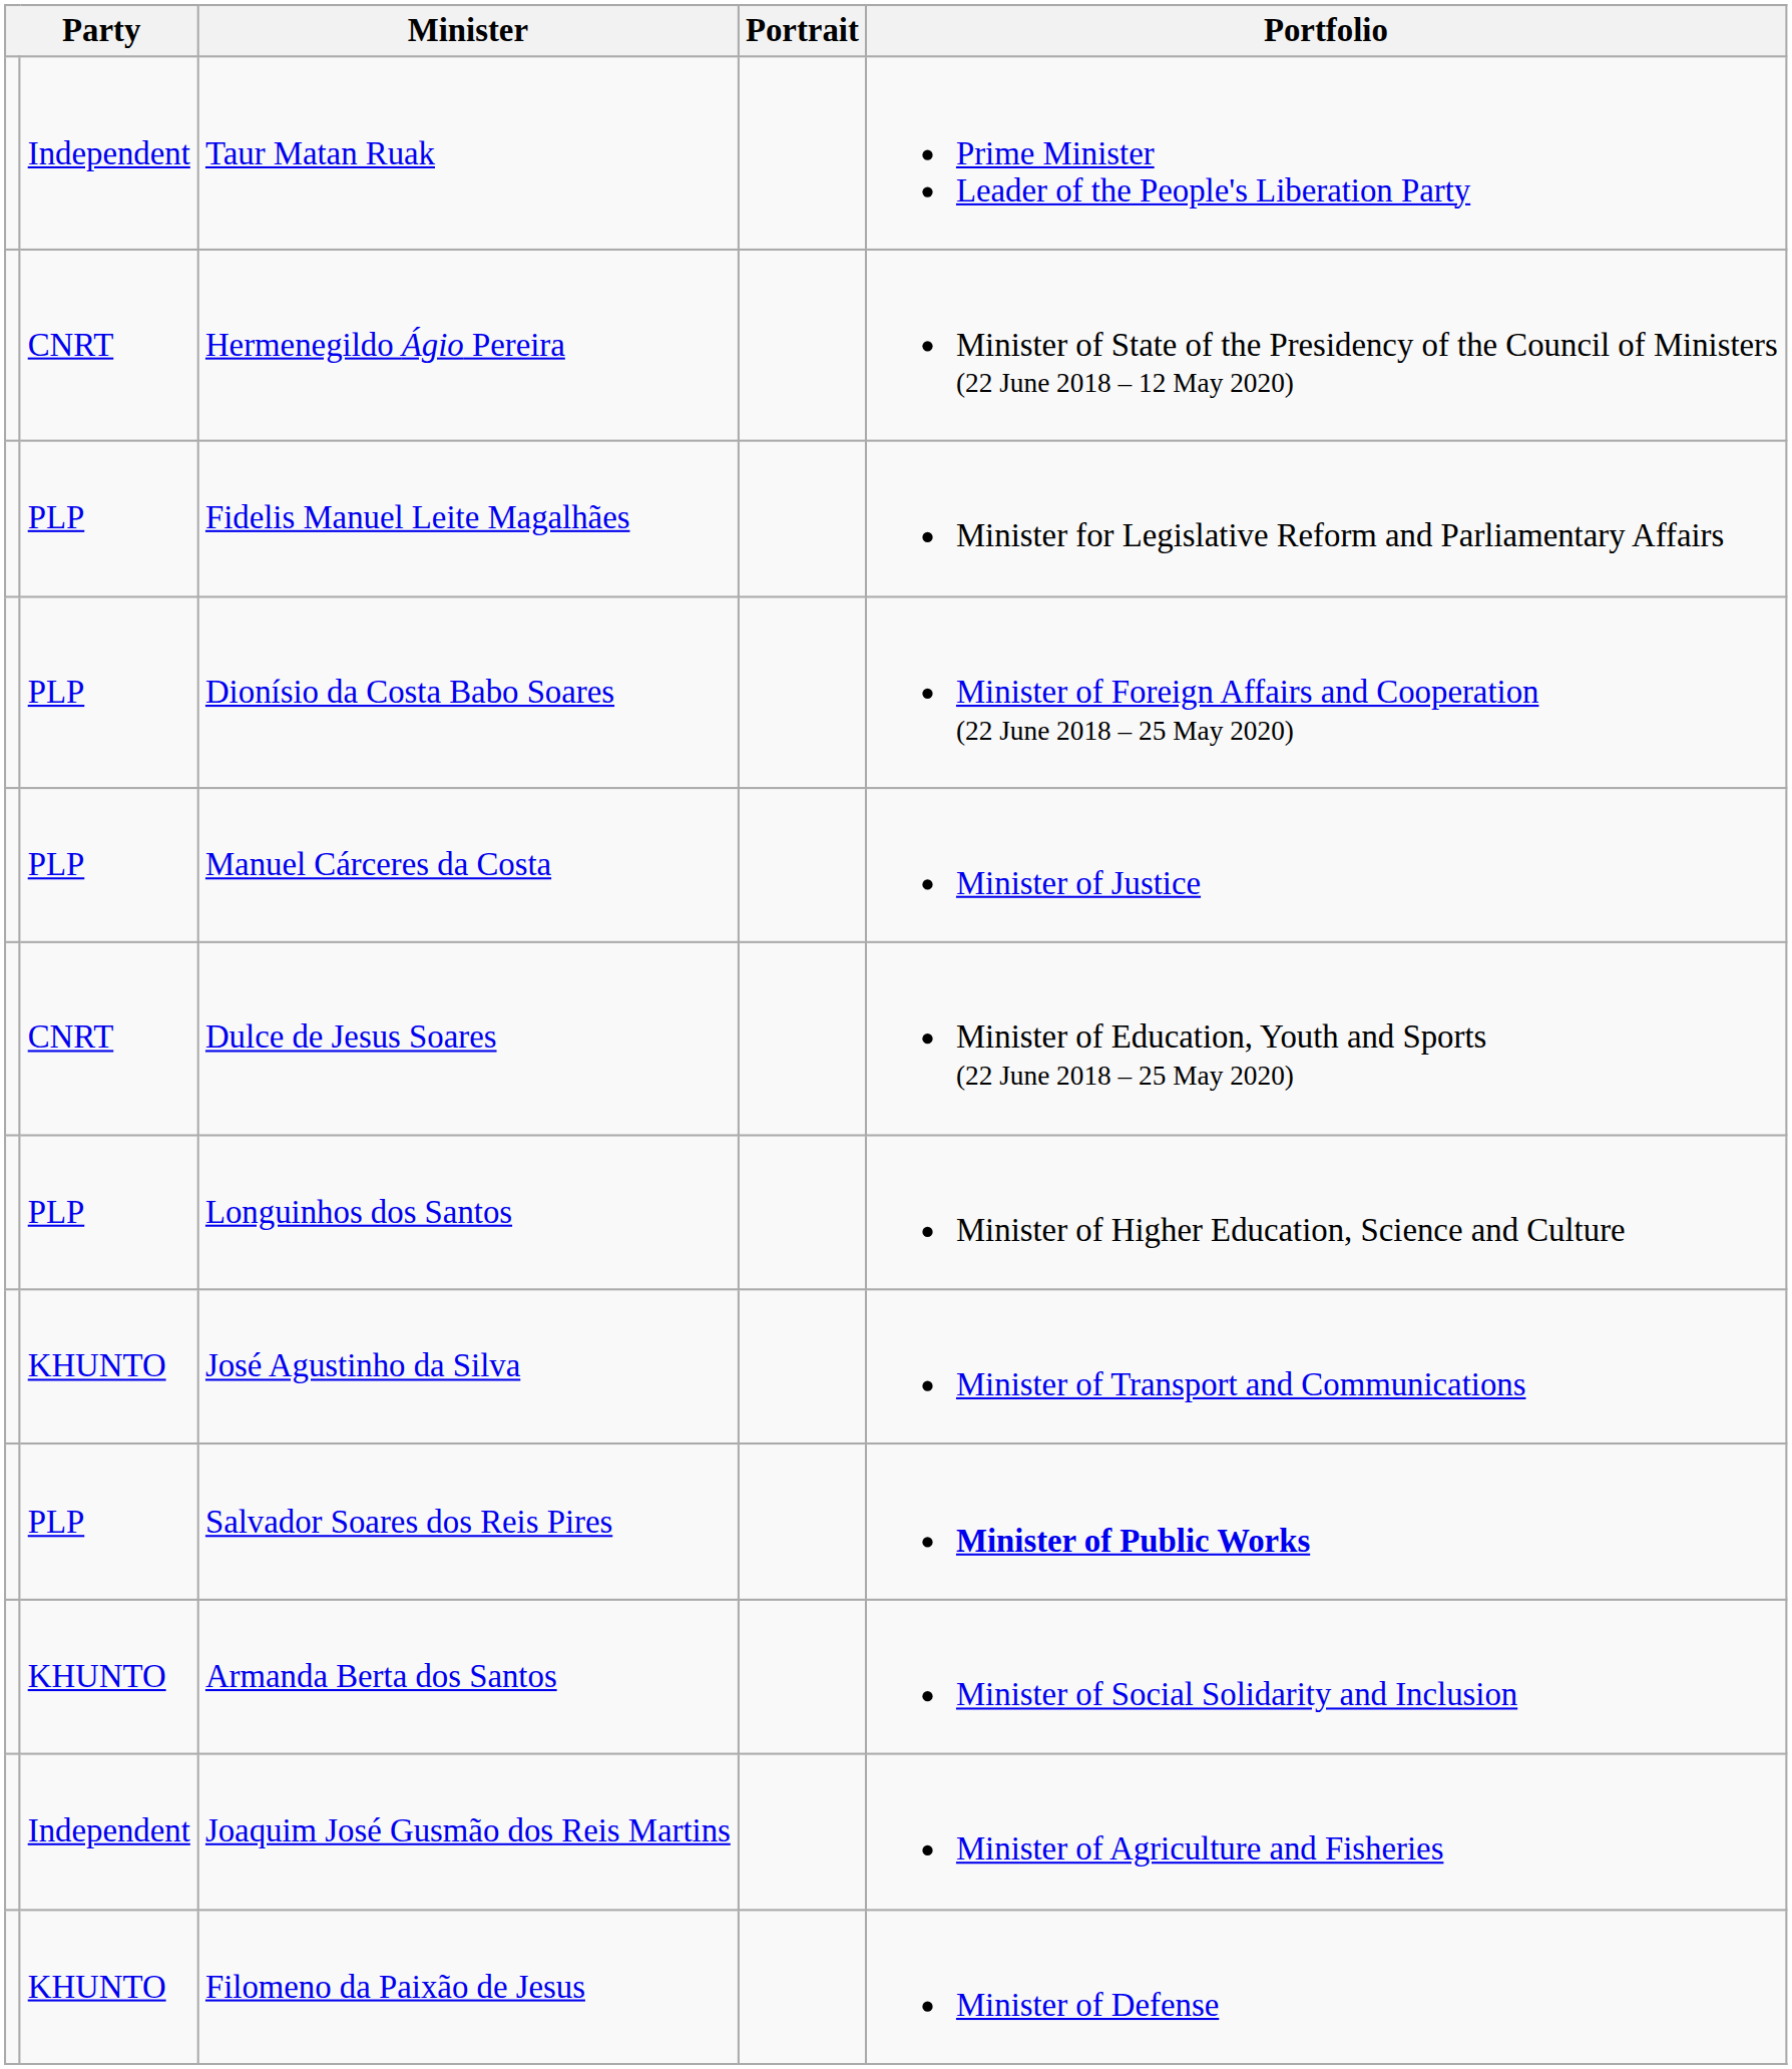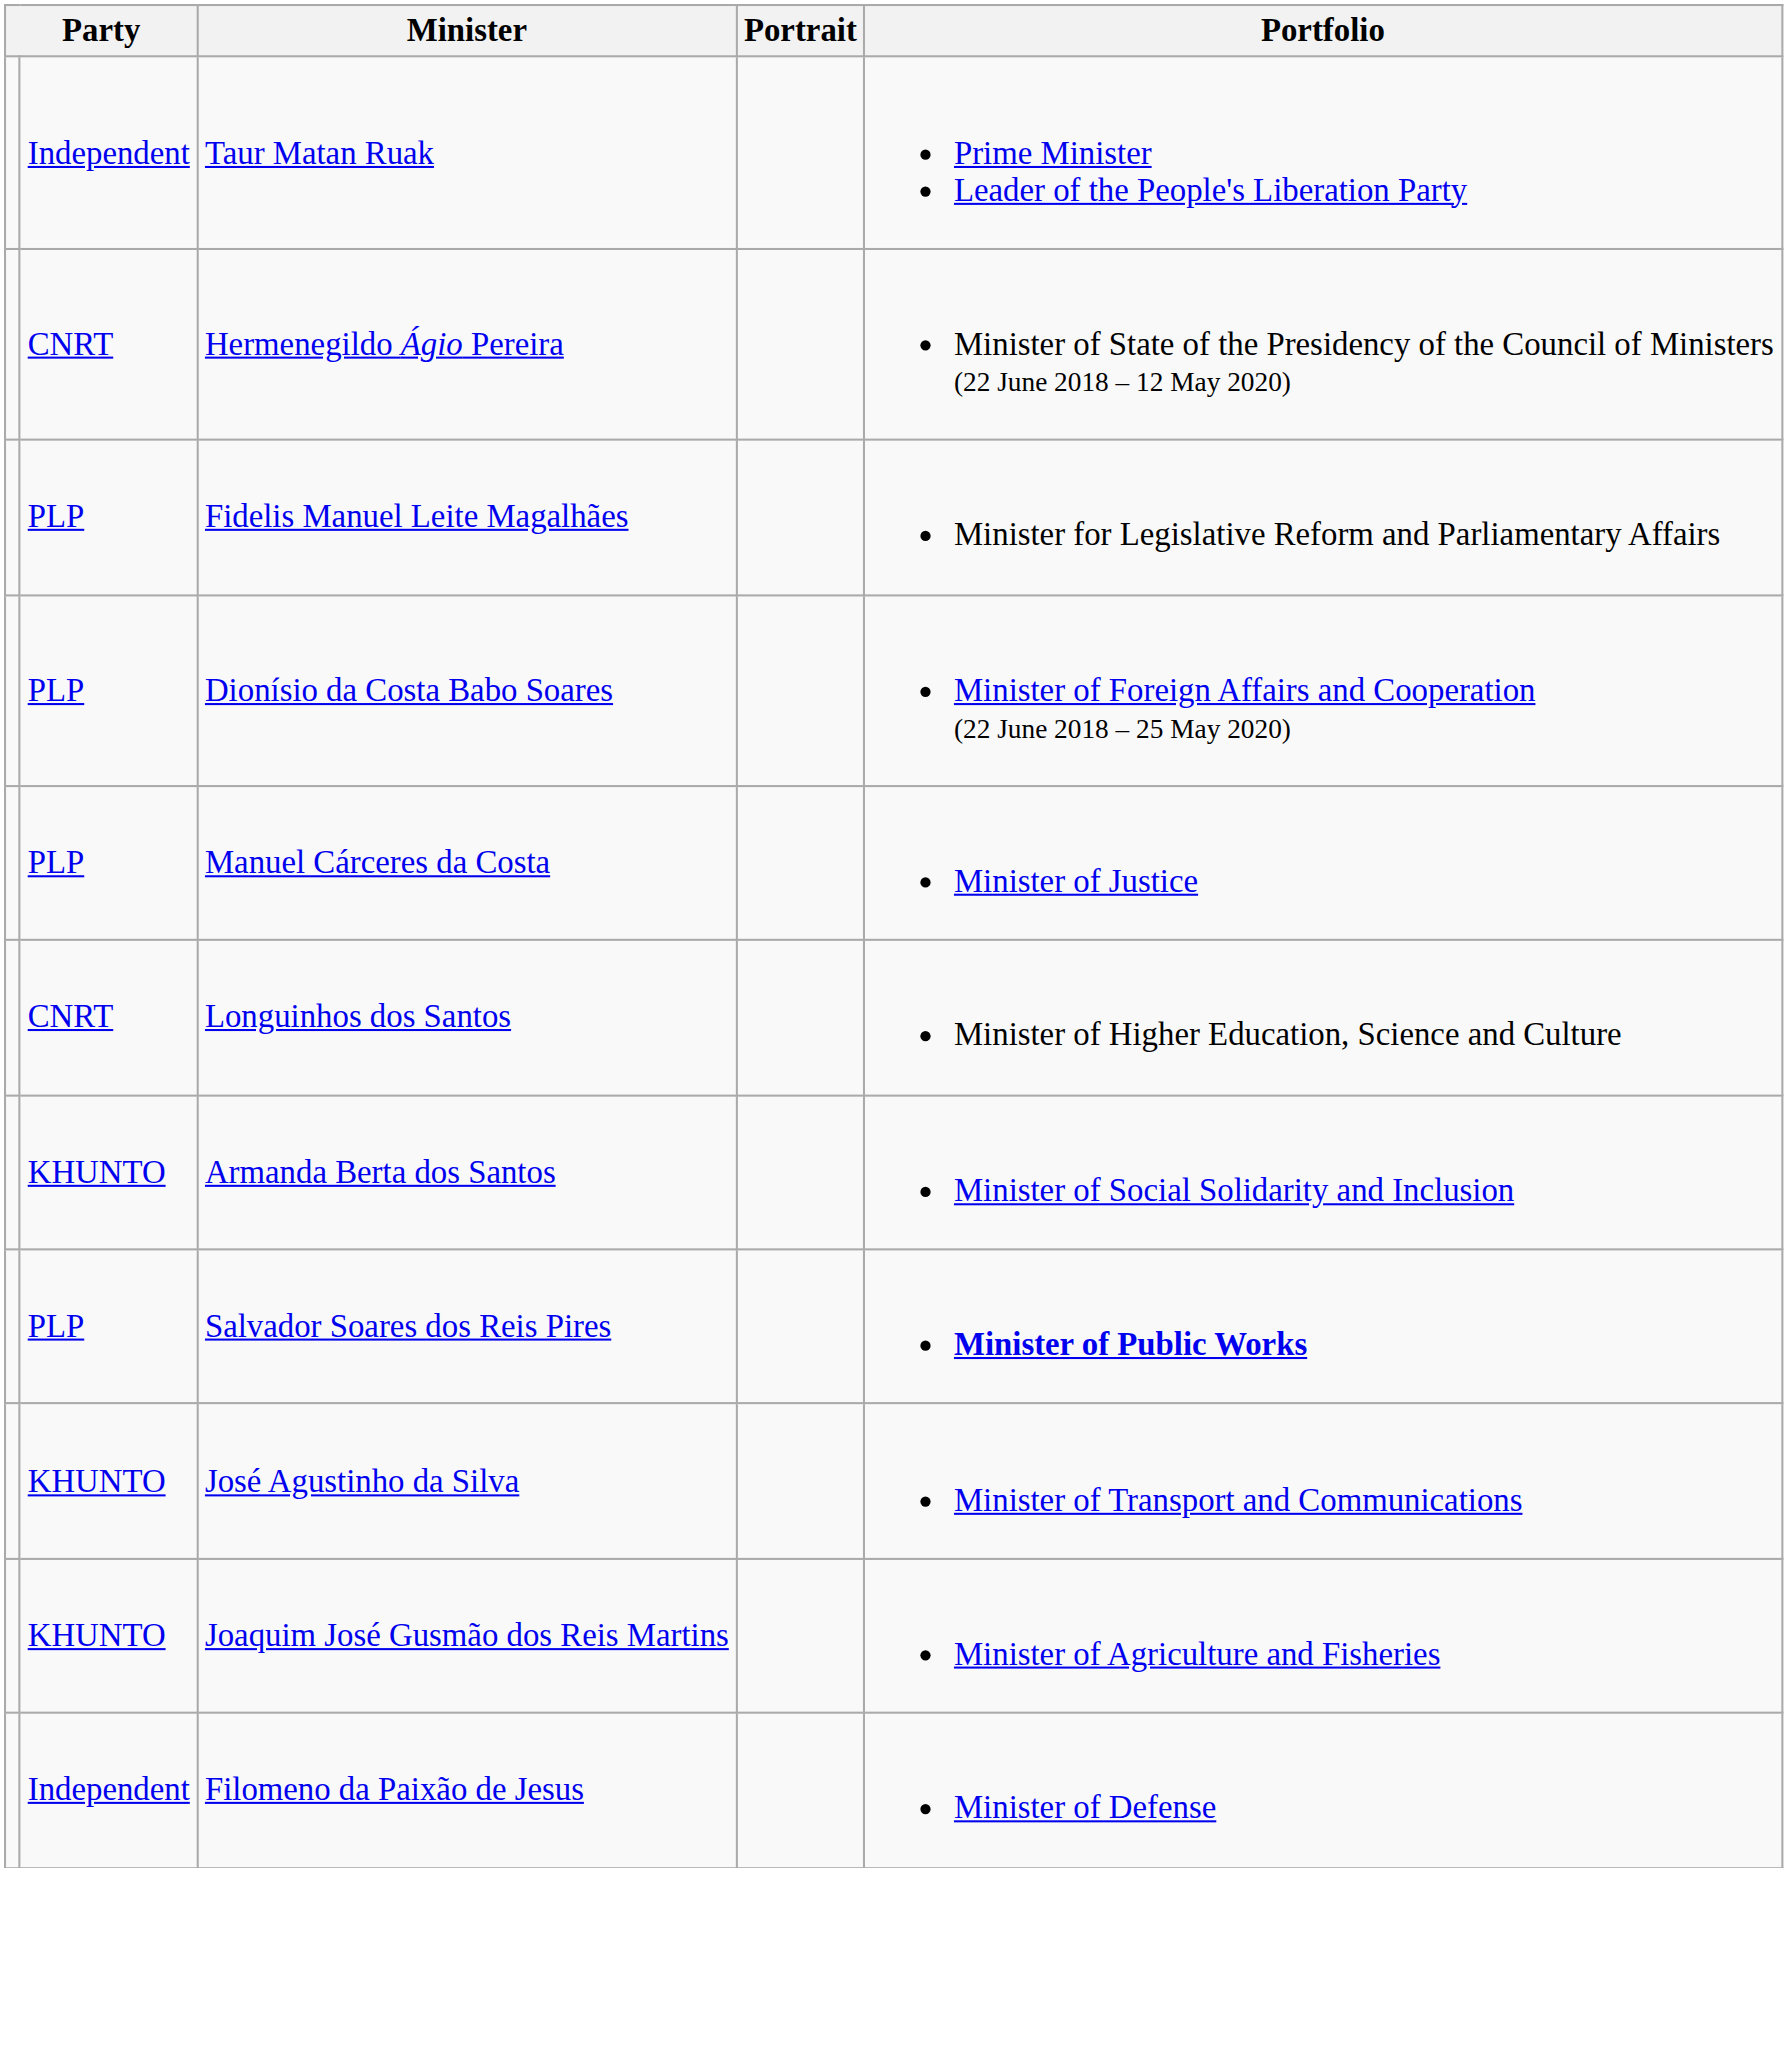 <table class="wikitable sortable">
 <tr>
 <th colspan="2">Party</th>
 <th>Minister</th>
 <th>Portrait</th>
 <th>Portfolio</th>
 </tr>
 <tr>
 <td style="background:"></td>
 <td><a href='#'>Independent</a></td>
 <td><a href='#'>Taur Matan Ruak</a></td>
 <td></td>
 <td><br><ul><li><a href='#'>Prime Minister</a></li><li><a href='#'>Leader of the People's Liberation Party</a></li></ul></td>
 </tr>
 <tr>
 <td style="background:"></td>
 <td><a href='#'>CNRT</a></td>
 <td><a href='#'>Hermenegildo <em>Ágio</em> Pereira</a></td>
 <td></td>
 <td><br><ul><li>Minister of State of the Presidency of the Council of Ministers<br><small>(22 June 2018 – 12 May 2020)</small></li></ul></td>
 </tr>
 <tr>
 <td style="background:"></td>
 <td><a href='#'>PLP</a></td>
 <td><a href='#'>Fidelis Manuel Leite Magalhães</a></td>
 <td></td>
 <td><br><ul><li>Minister for Legislative Reform and Parliamentary Affairs</li></ul></td>
 </tr>
 <tr>
 <td style="background:"></td>
 <td><a href='#'>PLP</a></td>
 <td><a href='#'>Dionísio da Costa Babo Soares</a></td>
 <td></td>
 <td><br><ul><li><a href='#'>Minister of Foreign Affairs and Cooperation</a><br><small>(22 June 2018 – 25 May 2020)</small></li></ul></td>
 </tr>
 <tr>
 <td style="background:"></td>
 <td><a href='#'>PLP</a></td>
 <td><a href='#'>Manuel Cárceres da Costa</a></td>
 <td></td>
 <td><br><ul><li><a href='#'>Minister of Justice</a></li></ul></td>
 </tr>
 <tr>
 <td style="background:"></td>
 <td><a href='#'>CNRT</a></td>
-<td><a href='#'>Dulce de Jesus Soares</a></td>
-<td></td>
-<td><br><ul><li>Minister of Education, Youth and Sports<br><small>(22 June 2018 – 25 May 2020)</small></li></ul></td>
-</tr>
-<tr>
-<td style="background:"></td>
-<td><a href='#'>PLP</a></td>
 <td><a href='#'>Longuinhos dos Santos</a></td>
 <td></td>
 <td><br><ul><li>Minister of Higher Education, Science and Culture</li></ul></td>
 </tr>
 <tr>
 <td style="background:"></td>
 <td><a href='#'>KHUNTO</a></td>
-<td><a href='#'>José Agustinho da Silva</a></td>
+<td><a href='#'>Armanda Berta dos Santos</a></td>
 <td></td>
-<td><br><ul><li><a href='#'>Minister of Transport and Communications</a></li></ul></td>
+<td><br><ul><li><a href='#'>Minister of Social Solidarity and Inclusion</a></li></ul></td>
 </tr>
 <tr>
 <td style="background:"></td>
 <td><a href='#'>PLP</a></td>
 <td><a href='#'>Salvador Soares dos Reis Pires</a></td>
 <td></td>
 <td><strong><br><ul><li><a href='#'>Minister of Public Works</a></li></ul></strong></td>
 </tr>
 <tr>
 <td style="background:"></td>
 <td><a href='#'>KHUNTO</a></td>
-<td><a href='#'>Armanda Berta dos Santos</a></td>
+<td><a href='#'>José Agustinho da Silva</a></td>
 <td></td>
-<td><br><ul><li><a href='#'>Minister of Social Solidarity and Inclusion</a></li></ul></td>
+<td><br><ul><li><a href='#'>Minister of Transport and Communications</a></li></ul></td>
 </tr>
 <tr>
 <td style="background:"></td>
-<td><a href='#'>Independent</a></td>
+<td><a href='#'>KHUNTO</a></td>
 <td><a href='#'>Joaquim José Gusmão dos Reis Martins</a></td>
 <td></td>
 <td><br><ul><li><a href='#'>Minister of Agriculture and Fisheries</a></li></ul></td>
 </tr>
 <tr>
 <td style="background:"></td>
-<td><a href='#'>KHUNTO</a></td>
+<td><a href='#'>Independent</a></td>
 <td><a href='#'>Filomeno da Paixão de Jesus</a></td>
 <td></td>
 <td><br><ul><li><a href='#'>Minister of Defense</a></li></ul></td>
 </tr>
 <tr>
 </tr>
 </table>
